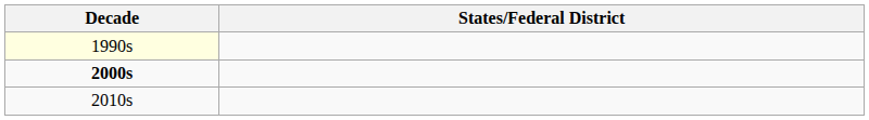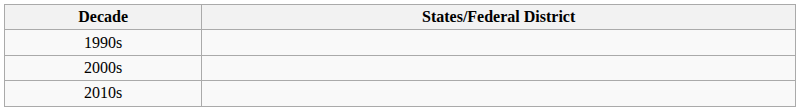 <table class="wikitable" style="width:50%">
 <tr>
 <th style="width:8em;">Decade</th>
 <th style="width:25em;">States/Federal District</th>
 </tr>
 <tr>
-<td style="background: lightyellow; text-align:center;">1990s</td>
+<td style="text-align:center;">1990s</td>
 <td></td>
 </tr>
 <tr>
-<td style="text-align:center;"><strong>2000s</strong></td>
+<td style="text-align:center;">2000s</td>
 <td></td>
 </tr>
 <tr>
 <td style="text-align:center;">2010s</td>
 <td></td>
 </tr>
 </table>
